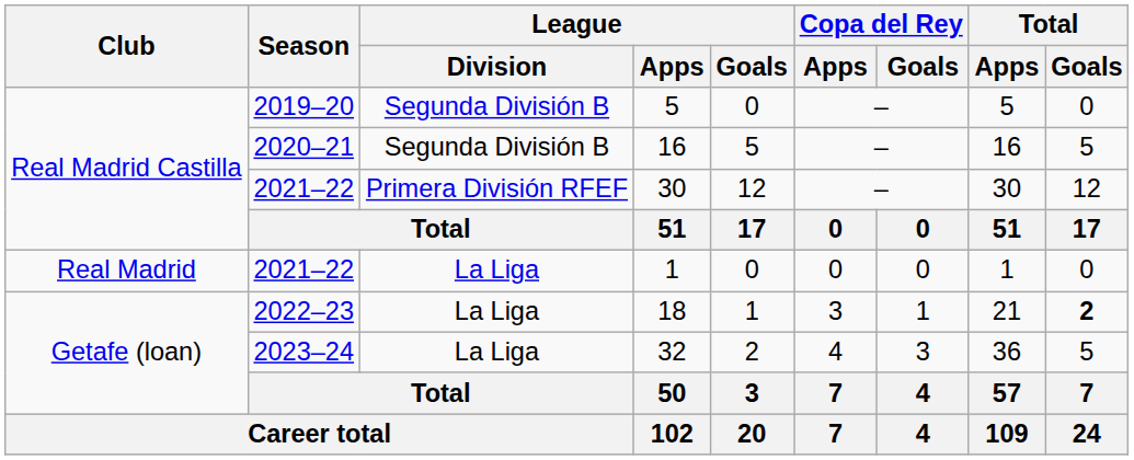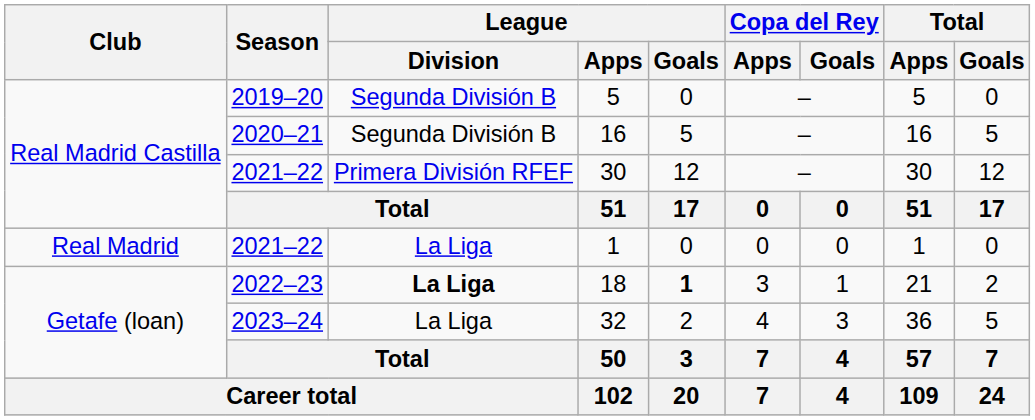 <table class=wikitable style=text-align:center>
 <tr>
 <th rowspan="2">Club</th>
 <th rowspan="2">Season</th>
 <th colspan="3">League</th>
 <th colspan="2"><a href='#'>Copa del Rey</a></th>
 <th colspan="2">Total</th>
 </tr>
 <tr>
 <th>Division</th>
 <th>Apps</th>
 <th>Goals</th>
 <th>Apps</th>
 <th>Goals</th>
 <th>Apps</th>
 <th>Goals</th>
 </tr>
 <tr>
 <td rowspan="4"><a href='#'>Real Madrid Castilla</a></td>
 <td><a href='#'>2019–20</a></td>
 <td><a href='#'>Segunda División B</a></td>
 <td>5</td>
 <td>0</td>
 <td colspan="2">–</td>
 <td>5</td>
 <td>0</td>
 </tr>
 <tr>
 <td><a href='#'>2020–21</a></td>
 <td>Segunda División B</td>
 <td>16</td>
 <td>5</td>
 <td colspan="2">–</td>
 <td>16</td>
 <td>5</td>
 </tr>
 <tr>
 <td><a href='#'>2021–22</a></td>
 <td><a href='#'>Primera División RFEF</a></td>
 <td>30</td>
 <td>12</td>
 <td colspan="2">–</td>
 <td>30</td>
 <td>12</td>
 </tr>
 <tr>
 <th colspan="2">Total</th>
 <th>51</th>
 <th>17</th>
 <th>0</th>
 <th>0</th>
 <th>51</th>
 <th>17</th>
 </tr>
 <tr>
 <td><a href='#'>Real Madrid</a></td>
 <td><a href='#'>2021–22</a></td>
 <td><a href='#'>La Liga</a></td>
 <td>1</td>
 <td>0</td>
 <td>0</td>
 <td>0</td>
 <td>1</td>
 <td>0</td>
 </tr>
 <tr>
 <td rowspan="3"><a href='#'>Getafe</a> (loan)</td>
 <td><a href='#'>2022–23</a></td>
-<td>La Liga</td>
+<td><strong>La Liga</strong></td>
 <td>18</td>
-<td>1</td>
+<td><strong>1</strong></td>
 <td>3</td>
 <td>1</td>
 <td>21</td>
-<td><strong>2</strong></td>
+<td>2</td>
 </tr>
 <tr>
 <td><a href='#'>2023–24</a></td>
 <td>La Liga</td>
 <td>32</td>
 <td>2</td>
 <td>4</td>
 <td>3</td>
 <td>36</td>
 <td>5</td>
 </tr>
 <tr>
 <th colspan="2">Total</th>
 <th>50</th>
 <th>3</th>
 <th>7</th>
 <th>4</th>
 <th>57</th>
 <th>7</th>
 </tr>
 <tr>
 <th colspan="3">Career total</th>
 <th>102</th>
 <th>20</th>
 <th>7</th>
 <th>4</th>
 <th>109</th>
 <th>24</th>
 </tr>
 </table>
